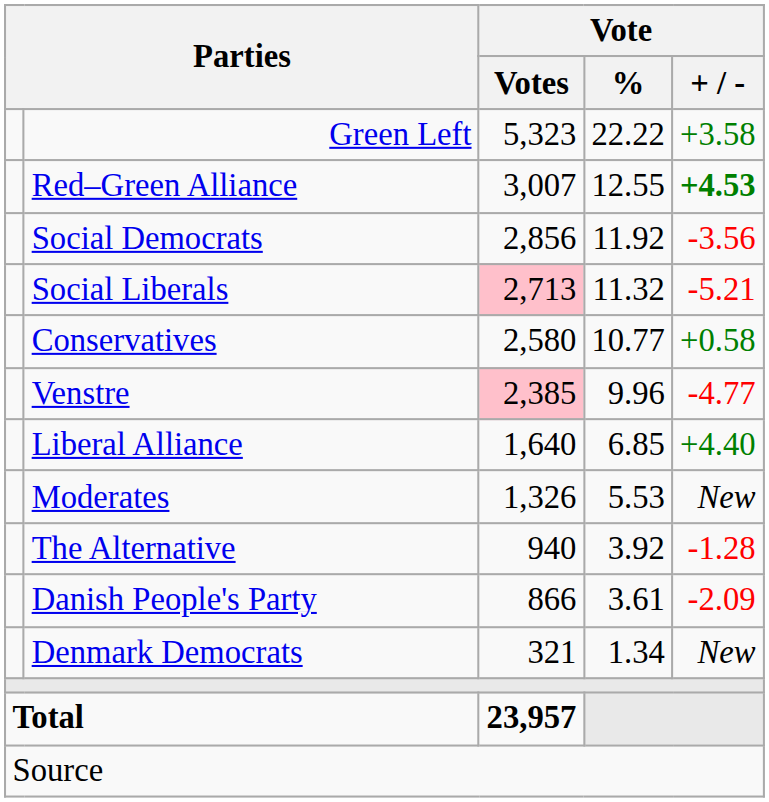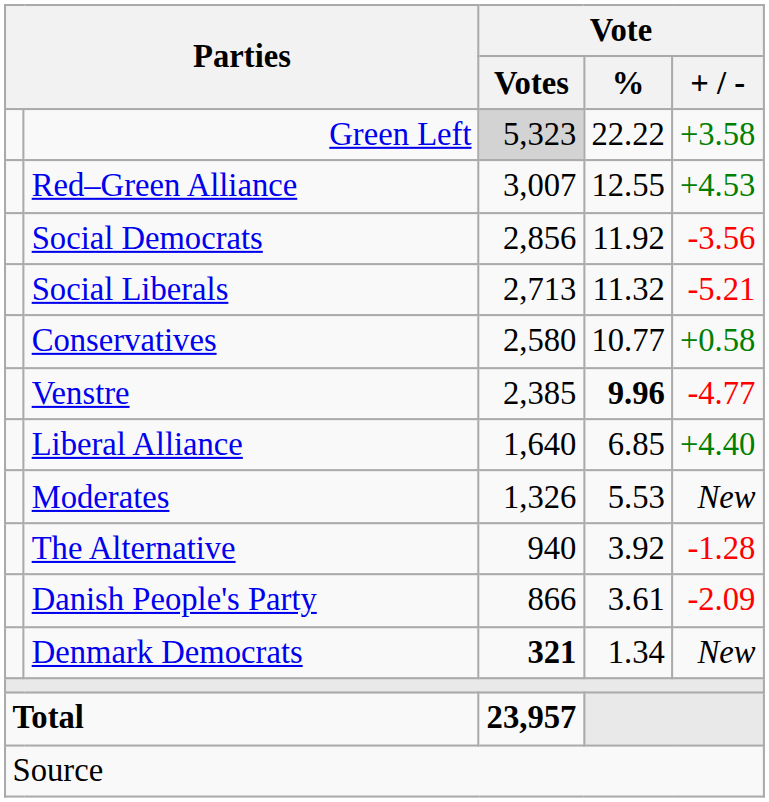 <table class="wikitable" style="text-align:right;">
 <tr>
 <th style="text-align:centre;" rowspan="2" colspan="2" width="225">Parties</th>
 <th colspan="3">Vote</th>
 </tr>
 <tr>
 <th width="15">Votes</th>
 <th width="15">%</th>
 <th width="15">+ / -</th>
 </tr>
 <tr>
 <td width=2 bgcolor=></td>
 <td><a href='#'>Green Left</a></td>
-<td>5,323</td>
+<td style="background: lightgrey;">5,323</td>
 <td>22.22</td>
 <td style=color:green;>+3.58</td>
 </tr>
 <tr>
 <td width=2 bgcolor=></td>
 <td align=left><a href='#'>Red–Green Alliance</a></td>
 <td>3,007</td>
 <td>12.55</td>
-<td style=color:green;><strong>+4.53</strong></td>
+<td style=color:green;>+4.53</td>
 </tr>
 <tr>
 <td width=2 bgcolor=></td>
 <td align=left><a href='#'>Social Democrats</a></td>
 <td>2,856</td>
 <td>11.92</td>
 <td style=color:red;>-3.56</td>
 </tr>
 <tr>
 <td width=2 bgcolor=></td>
 <td align=left><a href='#'>Social Liberals</a></td>
-<td style="background: pink;">2,713</td>
+<td>2,713</td>
 <td>11.32</td>
 <td style=color:red;>-5.21</td>
 </tr>
 <tr>
 <td width=2 bgcolor=></td>
 <td align=left><a href='#'>Conservatives</a></td>
 <td>2,580</td>
 <td>10.77</td>
 <td style=color:green;>+0.58</td>
 </tr>
 <tr>
 <td width=2 bgcolor=></td>
 <td align=left><a href='#'>Venstre</a></td>
-<td style="background: pink;">2,385</td>
-<td>9.96</td>
+<td>2,385</td>
+<td><strong>9.96</strong></td>
 <td style=color:red;>-4.77</td>
 </tr>
 <tr>
 <td width=2 bgcolor=></td>
 <td align=left><a href='#'>Liberal Alliance</a></td>
 <td>1,640</td>
 <td>6.85</td>
 <td style=color:green;>+4.40</td>
 </tr>
 <tr>
 <td width=2 bgcolor=></td>
 <td align=left><a href='#'>Moderates</a></td>
 <td>1,326</td>
 <td>5.53</td>
 <td><em>New</em></td>
 </tr>
 <tr>
 <td width=2 bgcolor=></td>
 <td align=left><a href='#'>The Alternative</a></td>
 <td>940</td>
 <td>3.92</td>
 <td style=color:red;>-1.28</td>
 </tr>
 <tr>
 <td width=2 bgcolor=></td>
 <td align=left><a href='#'>Danish People's Party</a></td>
 <td>866</td>
 <td>3.61</td>
 <td style=color:red;>-2.09</td>
 </tr>
 <tr>
 <td width=2 bgcolor=></td>
 <td align=left><a href='#'>Denmark Democrats</a></td>
-<td>321</td>
+<td><strong>321</strong></td>
 <td>1.34</td>
 <td><em>New</em></td>
 </tr>
 <tr>
 <td colspan="7" bgcolor="#E9E9E9"></td>
 </tr>
 <tr>
 <td align="left" colspan="2"><strong>Total</strong></td>
 <td><strong>23,957</strong></td>
 <td bgcolor=#E9E9E9 colspan=2></td>
 </tr>
 <tr>
 <td align="left" colspan="6">Source</td>
 </tr>
 </table>
